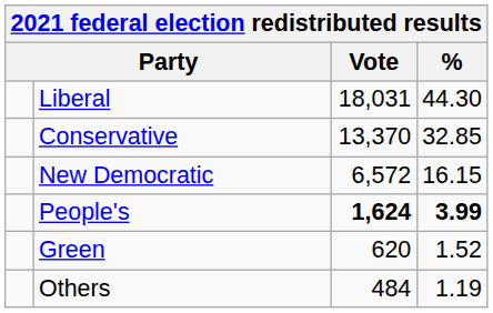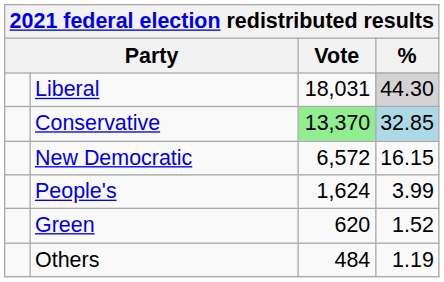 <table class="wikitable">
 <tr>
 <th colspan="4"><a href='#'>2021 federal election</a> redistributed results</th>
 </tr>
 <tr>
 <th bgcolor="#DDDDFF" width="130px" colspan="2">Party</th>
 <th bgcolor="#DDDDFF" width="50px">Vote</th>
 <th bgcolor="#DDDDFF" width="30px">%</th>
 </tr>
 <tr>
 <td> </td>
 <td><a href='#'>Liberal</a></td>
 <td align=right>18,031</td>
-<td align=right>44.30</td>
+<td align=right style="background: lightgrey;">44.30</td>
 </tr>
 <tr>
 <td> </td>
 <td><a href='#'>Conservative</a></td>
-<td align=right>13,370</td>
-<td align=right>32.85</td>
+<td align=right style="background: lightgreen;">13,370</td>
+<td align=right style="background: lightblue;">32.85</td>
 </tr>
 <tr>
 <td> </td>
 <td><a href='#'>New Democratic</a></td>
 <td align=right>6,572</td>
 <td align=right>16.15</td>
 </tr>
 <tr>
 <td> </td>
 <td><a href='#'>People's</a></td>
-<td align=right><strong>1,624</strong></td>
-<td align=right><strong>3.99</strong></td>
+<td align=right>1,624</td>
+<td align=right>3.99</td>
 </tr>
 <tr>
 <td> </td>
 <td><a href='#'>Green</a></td>
 <td align=right>620</td>
 <td align=right>1.52</td>
 </tr>
 <tr>
 <td> </td>
 <td>Others</td>
 <td align=right>484</td>
 <td align=right>1.19</td>
 </tr>
 </table>
